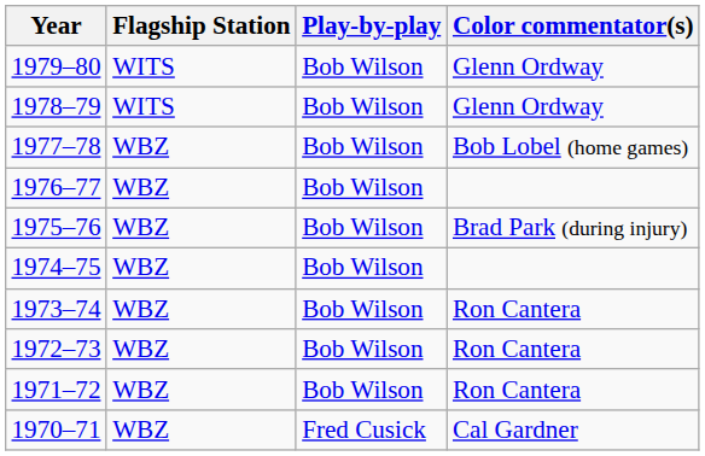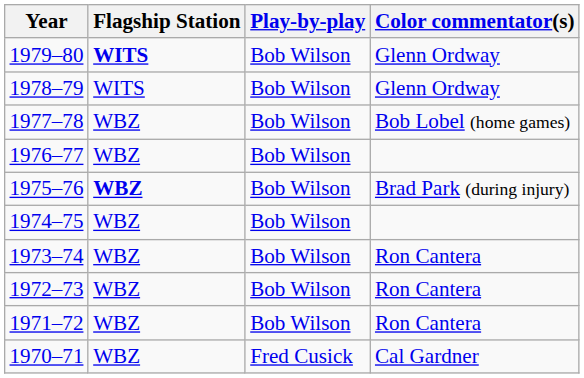 <table class="wikitable">
 <tr>
 <th>Year</th>
 <th>Flagship Station</th>
 <th><a href='#'>Play-by-play</a></th>
 <th><a href='#'>Color commentator</a>(s)</th>
 </tr>
 <tr>
 <td><a href='#'>1979–80</a></td>
-<td><a href='#'>WITS</a></td>
+<td><strong><a href='#'>WITS</a></strong></td>
 <td><a href='#'>Bob Wilson</a></td>
 <td><a href='#'>Glenn Ordway</a></td>
 </tr>
 <tr>
 <td><a href='#'>1978–79</a></td>
 <td><a href='#'>WITS</a></td>
 <td><a href='#'>Bob Wilson</a></td>
 <td><a href='#'>Glenn Ordway</a></td>
 </tr>
 <tr>
 <td><a href='#'>1977–78</a></td>
 <td><a href='#'>WBZ</a></td>
 <td><a href='#'>Bob Wilson</a></td>
 <td><a href='#'>Bob Lobel</a> <small>(home games)</small></td>
 </tr>
 <tr>
 <td><a href='#'>1976–77</a></td>
 <td><a href='#'>WBZ</a></td>
 <td><a href='#'>Bob Wilson</a></td>
 </tr>
 <tr>
 <td><a href='#'>1975–76</a></td>
-<td><a href='#'>WBZ</a></td>
+<td><strong><a href='#'>WBZ</a></strong></td>
 <td><a href='#'>Bob Wilson</a></td>
 <td><a href='#'>Brad Park</a> <small>(during injury)</small></td>
 </tr>
 <tr>
 <td><a href='#'>1974–75</a></td>
 <td><a href='#'>WBZ</a></td>
 <td><a href='#'>Bob Wilson</a></td>
 </tr>
 <tr>
 <td><a href='#'>1973–74</a></td>
 <td><a href='#'>WBZ</a></td>
 <td><a href='#'>Bob Wilson</a></td>
 <td><a href='#'>Ron Cantera</a></td>
 </tr>
 <tr>
 <td><a href='#'>1972–73</a></td>
 <td><a href='#'>WBZ</a></td>
 <td><a href='#'>Bob Wilson</a></td>
 <td><a href='#'>Ron Cantera</a></td>
 </tr>
 <tr>
 <td><a href='#'>1971–72</a></td>
 <td><a href='#'>WBZ</a></td>
 <td><a href='#'>Bob Wilson</a></td>
 <td><a href='#'>Ron Cantera</a></td>
 </tr>
 <tr>
 <td><a href='#'>1970–71</a></td>
 <td><a href='#'>WBZ</a></td>
 <td><a href='#'>Fred Cusick</a></td>
 <td><a href='#'>Cal Gardner</a></td>
 </tr>
 </table>
